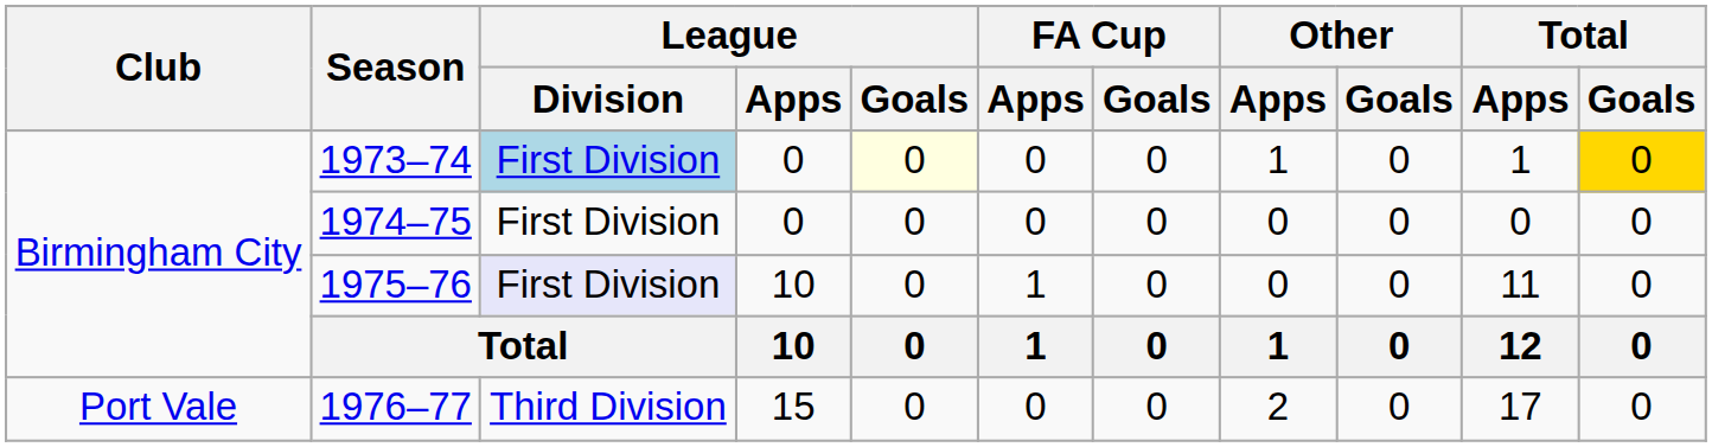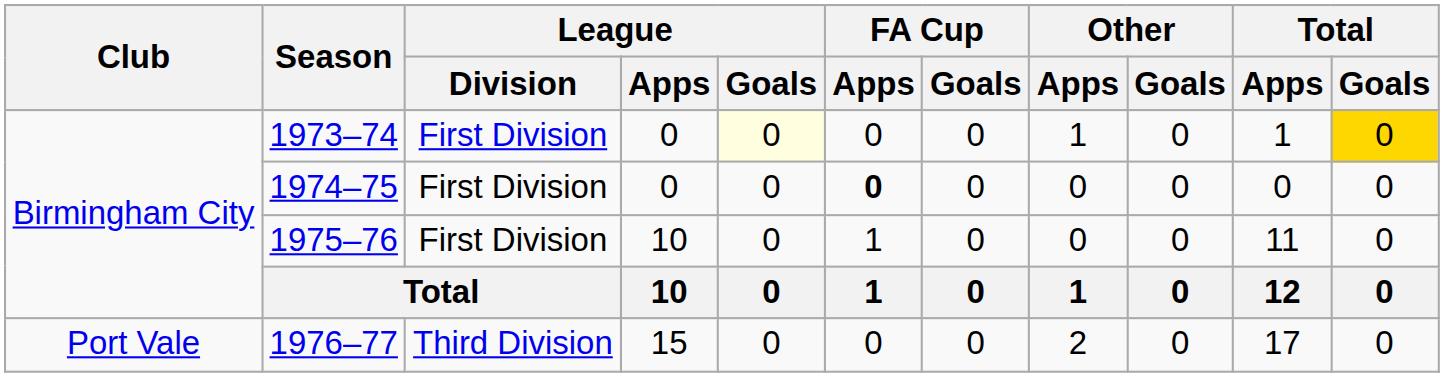 <table class="wikitable" style="text-align: center;">
 <tr>
 <th rowspan="2">Club</th>
 <th rowspan="2">Season</th>
 <th colspan="3">League</th>
 <th colspan="2">FA Cup</th>
 <th colspan="2">Other</th>
 <th colspan="2">Total</th>
 </tr>
 <tr>
 <th>Division</th>
 <th>Apps</th>
 <th>Goals</th>
 <th>Apps</th>
 <th>Goals</th>
 <th>Apps</th>
 <th>Goals</th>
 <th>Apps</th>
 <th>Goals</th>
 </tr>
 <tr>
 <td rowspan="4"><a href='#'>Birmingham City</a></td>
 <td><a href='#'>1973–74</a></td>
-<td style="background: lightblue;"><a href='#'>First Division</a></td>
+<td><a href='#'>First Division</a></td>
 <td>0</td>
 <td style="background: lightyellow;">0</td>
 <td>0</td>
 <td>0</td>
 <td>1</td>
 <td>0</td>
 <td>1</td>
 <td style="background: gold;">0</td>
 </tr>
 <tr>
 <td><a href='#'>1974–75</a></td>
 <td>First Division</td>
 <td>0</td>
 <td>0</td>
-<td>0</td>
+<td><strong>0</strong></td>
 <td>0</td>
 <td>0</td>
 <td>0</td>
 <td>0</td>
 <td>0</td>
 </tr>
 <tr>
 <td><a href='#'>1975–76</a></td>
-<td style="background: lavender;">First Division</td>
+<td>First Division</td>
 <td>10</td>
 <td>0</td>
 <td>1</td>
 <td>0</td>
 <td>0</td>
 <td>0</td>
 <td>11</td>
 <td>0</td>
 </tr>
 <tr>
 <th colspan="2">Total</th>
 <th>10</th>
 <th>0</th>
 <th>1</th>
 <th>0</th>
 <th>1</th>
 <th>0</th>
 <th>12</th>
 <th>0</th>
 </tr>
 <tr>
 <td><a href='#'>Port Vale</a></td>
 <td><a href='#'>1976–77</a></td>
 <td><a href='#'>Third Division</a></td>
 <td>15</td>
 <td>0</td>
 <td>0</td>
 <td>0</td>
 <td>2</td>
 <td>0</td>
 <td>17</td>
 <td>0</td>
 </tr>
 </table>
